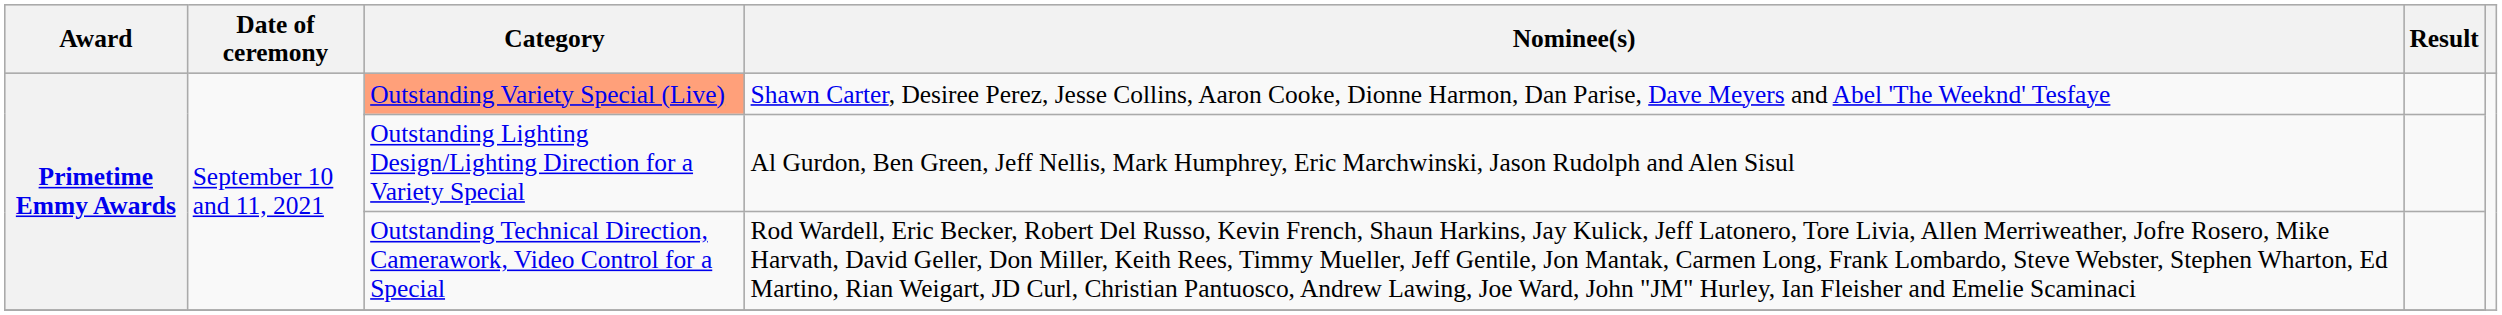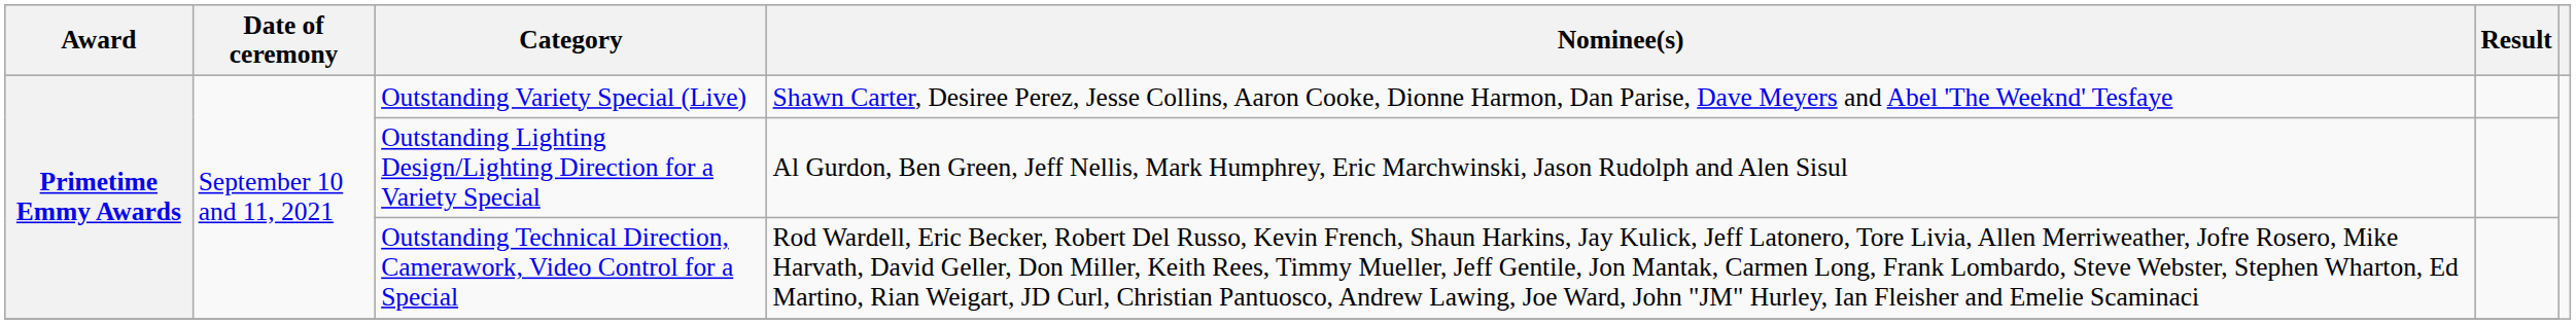 <table class="wikitable sortable plainrowheaders">
 <tr>
 <th>Award</th>
 <th>Date of ceremony</th>
 <th>Category</th>
 <th>Nominee(s)</th>
 <th>Result</th>
 <th></th>
 </tr>
 <tr>
 <th scope="row" rowspan="3"><a href='#'>Primetime Emmy Awards</a></th>
 <td rowspan="3"><a href='#'>September 10 and 11, 2021</a></td>
-<td style="background: lightsalmon;"><a href='#'>Outstanding Variety Special (Live)</a></td>
+<td><a href='#'>Outstanding Variety Special (Live)</a></td>
 <td><a href='#'>Shawn Carter</a>, Desiree Perez, Jesse Collins, Aaron Cooke, Dionne Harmon, Dan Parise, <a href='#'>Dave Meyers</a> and <a href='#'>Abel 'The Weeknd' Tesfaye</a></td>
 <td></td>
 <td align="center" rowspan="4"></td>
 </tr>
 <tr>
 <td><a href='#'>Outstanding Lighting Design/Lighting Direction for a Variety Special</a></td>
 <td>Al Gurdon, Ben Green, Jeff Nellis, Mark Humphrey, Eric Marchwinski, Jason Rudolph and Alen Sisul</td>
 <td></td>
 </tr>
 <tr>
 <td><a href='#'>Outstanding Technical Direction, Camerawork, Video Control for a Special</a></td>
 <td>Rod Wardell, Eric Becker, Robert Del Russo, Kevin French, Shaun Harkins, Jay Kulick, Jeff Latonero, Tore Livia, Allen Merriweather, Jofre Rosero, Mike Harvath, David Geller, Don Miller, Keith Rees, Timmy Mueller, Jeff Gentile, Jon Mantak, Carmen Long, Frank Lombardo, Steve Webster, Stephen Wharton, Ed Martino, Rian Weigart, JD Curl, Christian Pantuosco, Andrew Lawing, Joe Ward, John "JM" Hurley, Ian Fleisher and Emelie Scaminaci</td>
 <td></td>
 </tr>
 <tr>
 </tr>
 </table>
